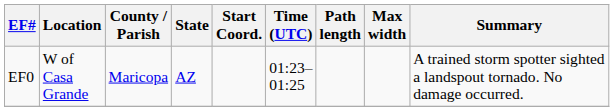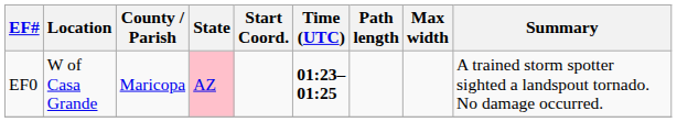 <table class="wikitable sortable" style="width:100%;">
 <tr>
 <th scope="col"  style="width:3%; text-align:center;"><a href='#'>EF#</a></th>
 <th scope="col"  style="width:7%; text-align:center;" class="unsortable">Location</th>
 <th scope="col"  style="width:6%; text-align:center;" class="unsortable">County / Parish</th>
 <th scope="col"  style="width:5%; text-align:center;">State</th>
 <th scope="col"  style="width:6%; text-align:center;">Start Coord.</th>
 <th scope="col"  style="width:6%; text-align:center;">Time (<a href='#'>UTC</a>)</th>
 <th scope="col"  style="width:6%; text-align:center;">Path length</th>
 <th scope="col"  style="width:6%; text-align:center;">Max width</th>
 <th scope="col" class="unsortable" style="width:48%; text-align:center;">Summary</th>
 </tr>
 <tr>
 <td bgcolor=>EF0</td>
 <td>W of <a href='#'>Casa Grande</a></td>
 <td><a href='#'>Maricopa</a></td>
-<td><a href='#'>AZ</a></td>
+<td style="background: pink;"><a href='#'>AZ</a></td>
 <td></td>
-<td>01:23–01:25</td>
+<td><strong>01:23–01:25</strong></td>
 <td></td>
 <td></td>
 <td>A trained storm spotter sighted a landspout tornado. No damage occurred.</td>
 </tr>
 <tr>
 </tr>
 </table>
